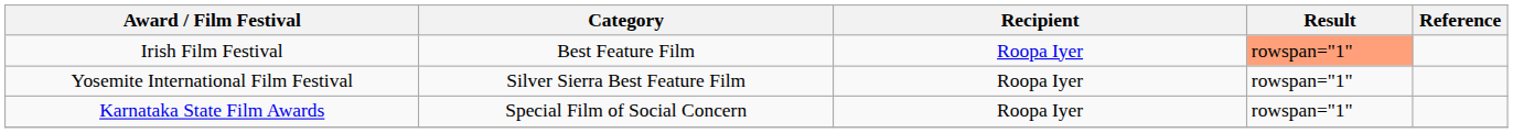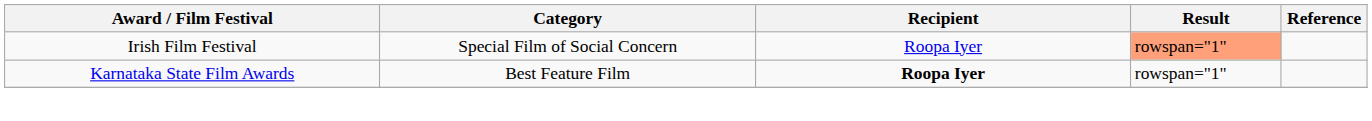 <table class="wikitable" style="width:99%;"  >
 <tr>
 <th width="25%" scope="col">Award / Film Festival</th>
 <th width="25%" scope="col">Category</th>
 <th width="25%" scope="col">Recipient</th>
 <th width="10%" scope="col">Result</th>
 <th width="3%" scope="col">Reference</th>
 </tr>
 <tr>
 <td rowspan="1" style="text-align:center;">Irish Film Festival</td>
-<td style="text-align:center;">Best Feature Film</td>
+<td style="text-align:center;">Special Film of Social Concern</td>
 <td style="text-align:center;"><a href='#'>Roopa Iyer</a></td>
 <td style="background: lightsalmon;">rowspan="1" </td>
 <td align="center" rowspan="1"></td>
 </tr>
 <tr>
-<td rowspan="1" style="text-align:center;">Yosemite International Film Festival</td>
-<td style="text-align:center;">Silver Sierra Best Feature Film</td>
-<td style="text-align:center;">Roopa Iyer</td>
-<td>rowspan="1" </td>
-<td align="center" rowspan="1"></td>
-</tr>
-<tr>
 <td rowspan="1" style="text-align:center;"><a href='#'>Karnataka State Film Awards</a></td>
-<td style="text-align:center;">Special Film of Social Concern</td>
-<td style="text-align:center;">Roopa Iyer</td>
+<td style="text-align:center;">Best Feature Film</td>
+<td style="text-align:center;"><strong>Roopa Iyer</strong></td>
 <td>rowspan="1" </td>
 <td align="center" rowspan="1"></td>
 </tr>
 <tr>
 </tr>
 </table>
